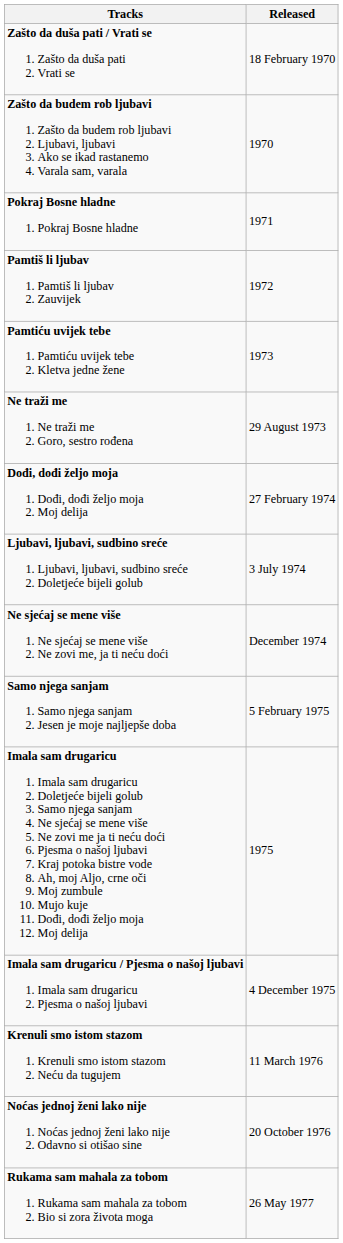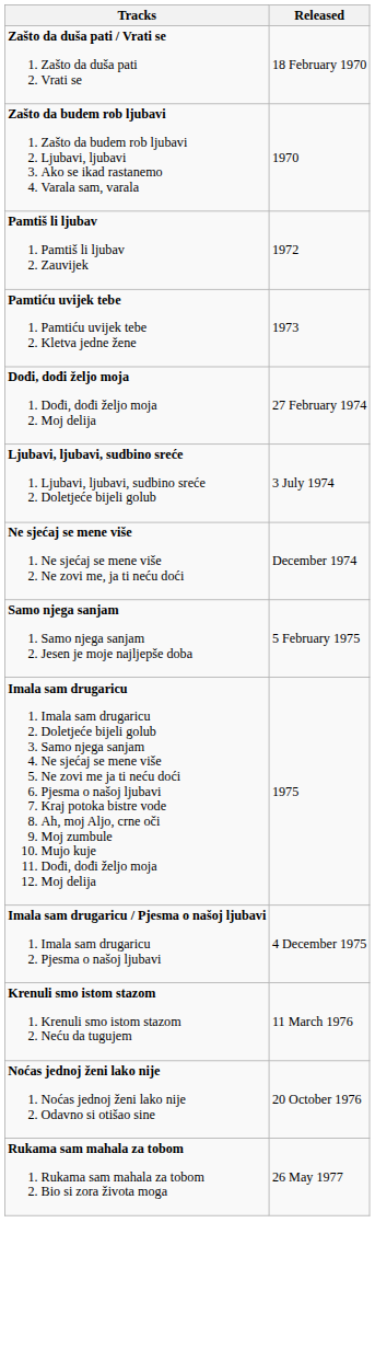 <table class="wikitable">
 <tr>
 <th>Tracks</th>
 <th>Released</th>
 </tr>
 <tr>
 <td><strong>Zašto da duša pati / Vrati se</strong><br><ol><li>Zašto da duša pati</li><li>Vrati se</li></ol></td>
 <td>18 February 1970</td>
 </tr>
 <tr>
 <td><strong>Zašto da budem rob ljubavi</strong><br><ol><li>Zašto da budem rob ljubavi</li><li>Ljubavi, ljubavi</li><li>Ako se ikad rastanemo</li><li>Varala sam, varala</li></ol></td>
 <td>1970</td>
 </tr>
 <tr>
-<td><strong>Pokraj Bosne hladne</strong><br><ol><li>Pokraj Bosne hladne</li></ol></td>
-<td>1971</td>
-</tr>
-<tr>
 <td><strong>Pamtiš li ljubav</strong><br><ol><li>Pamtiš li ljubav</li><li>Zauvijek</li></ol></td>
 <td>1972</td>
 </tr>
 <tr>
 <td><strong>Pamtiću uvijek tebe</strong><br><ol><li>Pamtiću uvijek tebe</li><li>Kletva jedne žene</li></ol></td>
 <td>1973</td>
-</tr>
-<tr>
-<td><strong>Ne traži me</strong><br><ol><li>Ne traži me</li><li>Goro, sestro rođena</li></ol></td>
-<td>29 August 1973</td>
 </tr>
 <tr>
 <td><strong>Dođi, dođi željo moja</strong><br><ol><li>Dođi, dođi željo moja</li><li>Moj delija</li></ol></td>
 <td>27 February 1974</td>
 </tr>
 <tr>
 <td><strong>Ljubavi, ljubavi, sudbino sreće</strong><br><ol><li>Ljubavi, ljubavi, sudbino sreće</li><li>Doletjeće bijeli golub</li></ol></td>
 <td>3 July 1974</td>
 </tr>
 <tr>
 <td><strong>Ne sjećaj se mene više</strong><br><ol><li>Ne sjećaj se mene više</li><li>Ne zovi me, ja ti neću doći</li></ol></td>
 <td>December 1974</td>
 </tr>
 <tr>
 <td><strong>Samo njega sanjam</strong><br><ol><li>Samo njega sanjam</li><li>Jesen je moje najljepše doba</li></ol></td>
 <td>5 February 1975</td>
 </tr>
 <tr>
 <td><strong>Imala sam drugaricu</strong><br><ol><li>Imala sam drugaricu</li><li>Doletjeće bijeli golub</li><li>Samo njega sanjam</li><li>Ne sjećaj se mene više</li><li>Ne zovi me ja ti neću doći</li><li>Pjesma o našoj ljubavi</li><li>Kraj potoka bistre vode</li><li>Ah, moj Aljo, crne oči</li><li>Moj zumbule</li><li>Mujo kuje</li><li>Dođi, dođi željo moja</li><li>Moj delija</li></ol></td>
 <td>1975</td>
 </tr>
 <tr>
 <td><strong>Imala sam drugaricu / Pjesma o našoj ljubavi</strong><br><ol><li>Imala sam drugaricu</li><li>Pjesma o našoj ljubavi</li></ol></td>
 <td>4 December 1975</td>
 </tr>
 <tr>
 <td><strong>Krenuli smo istom stazom</strong><br><ol><li>Krenuli smo istom stazom</li><li>Neću da tugujem</li></ol></td>
 <td>11 March 1976</td>
 </tr>
 <tr>
 <td><strong>Noćas jednoj ženi lako nije</strong><br><ol><li>Noćas jednoj ženi lako nije</li><li>Odavno si otišao sine</li></ol></td>
 <td>20 October 1976</td>
 </tr>
 <tr>
 <td><strong>Rukama sam mahala za tobom</strong><br><ol><li>Rukama sam mahala za tobom</li><li>Bio si zora života moga</li></ol></td>
 <td>26 May 1977</td>
 </tr>
 </table>
